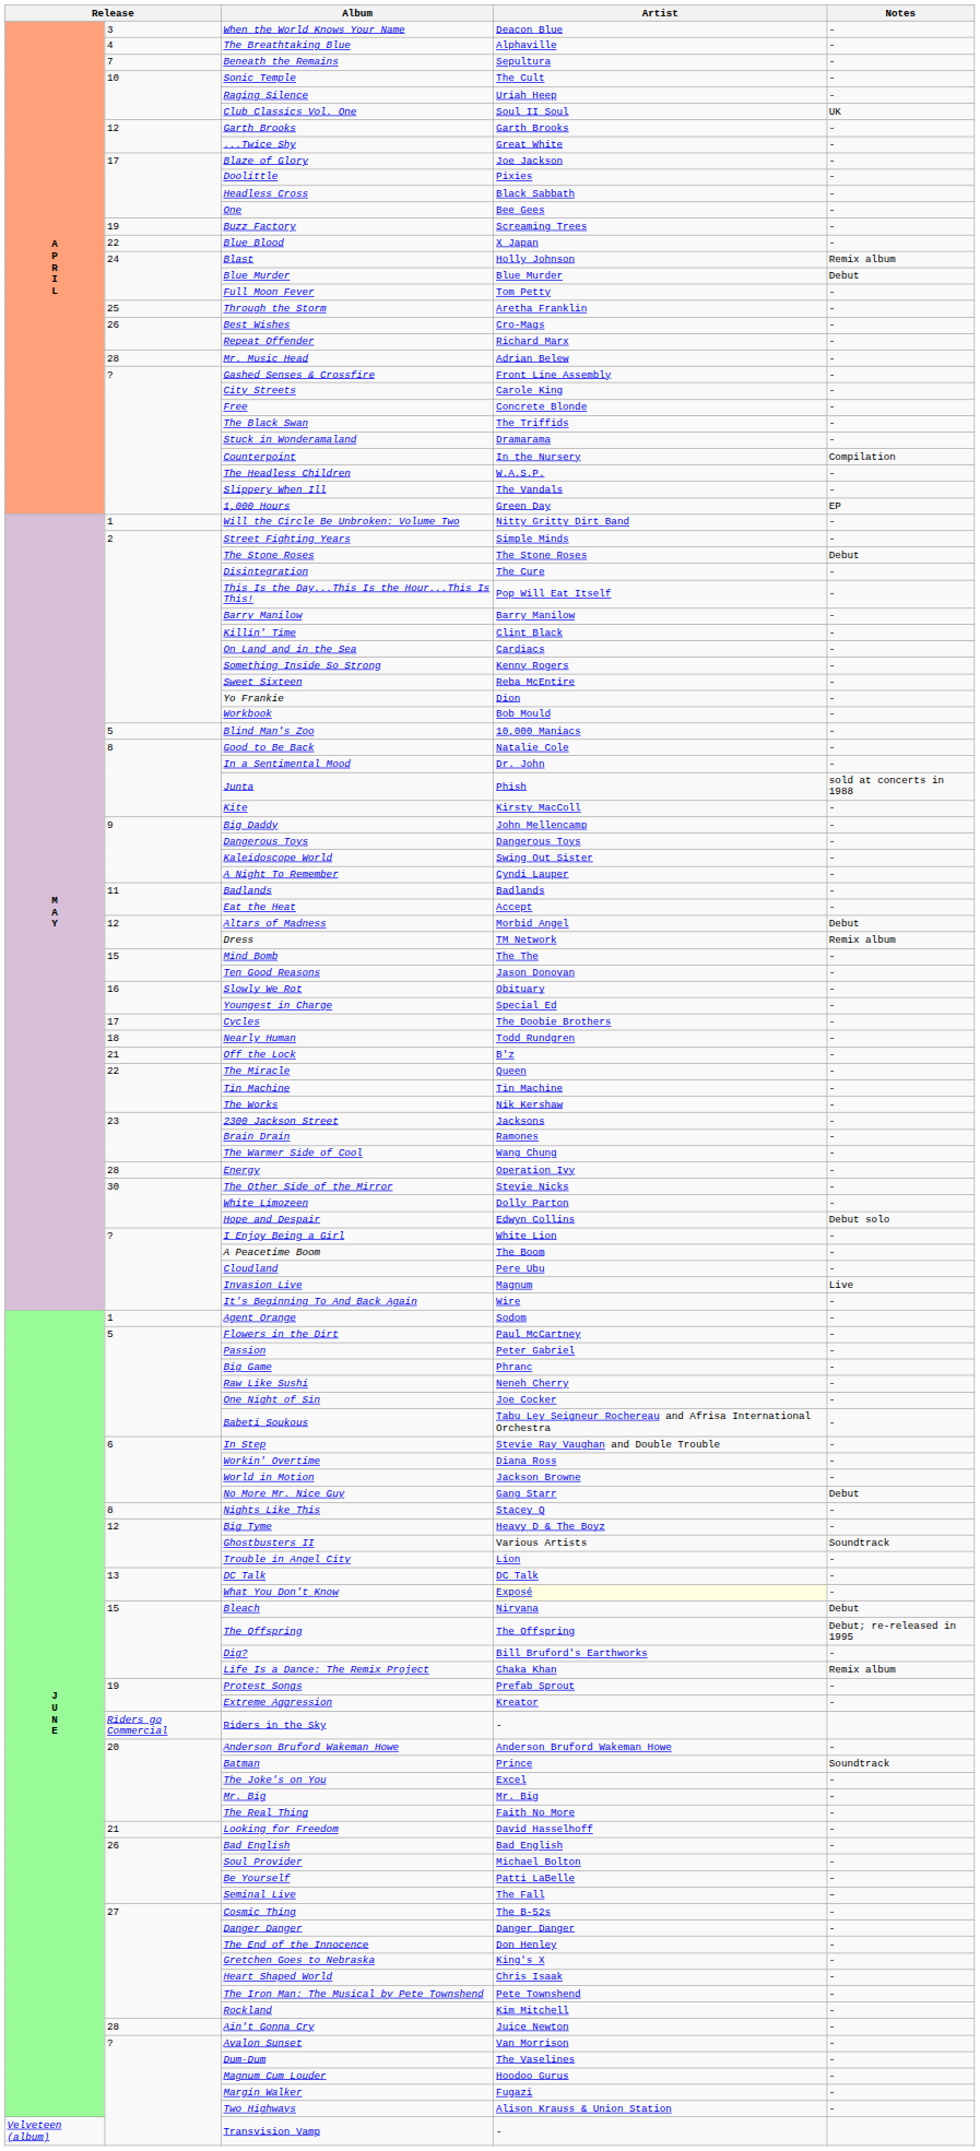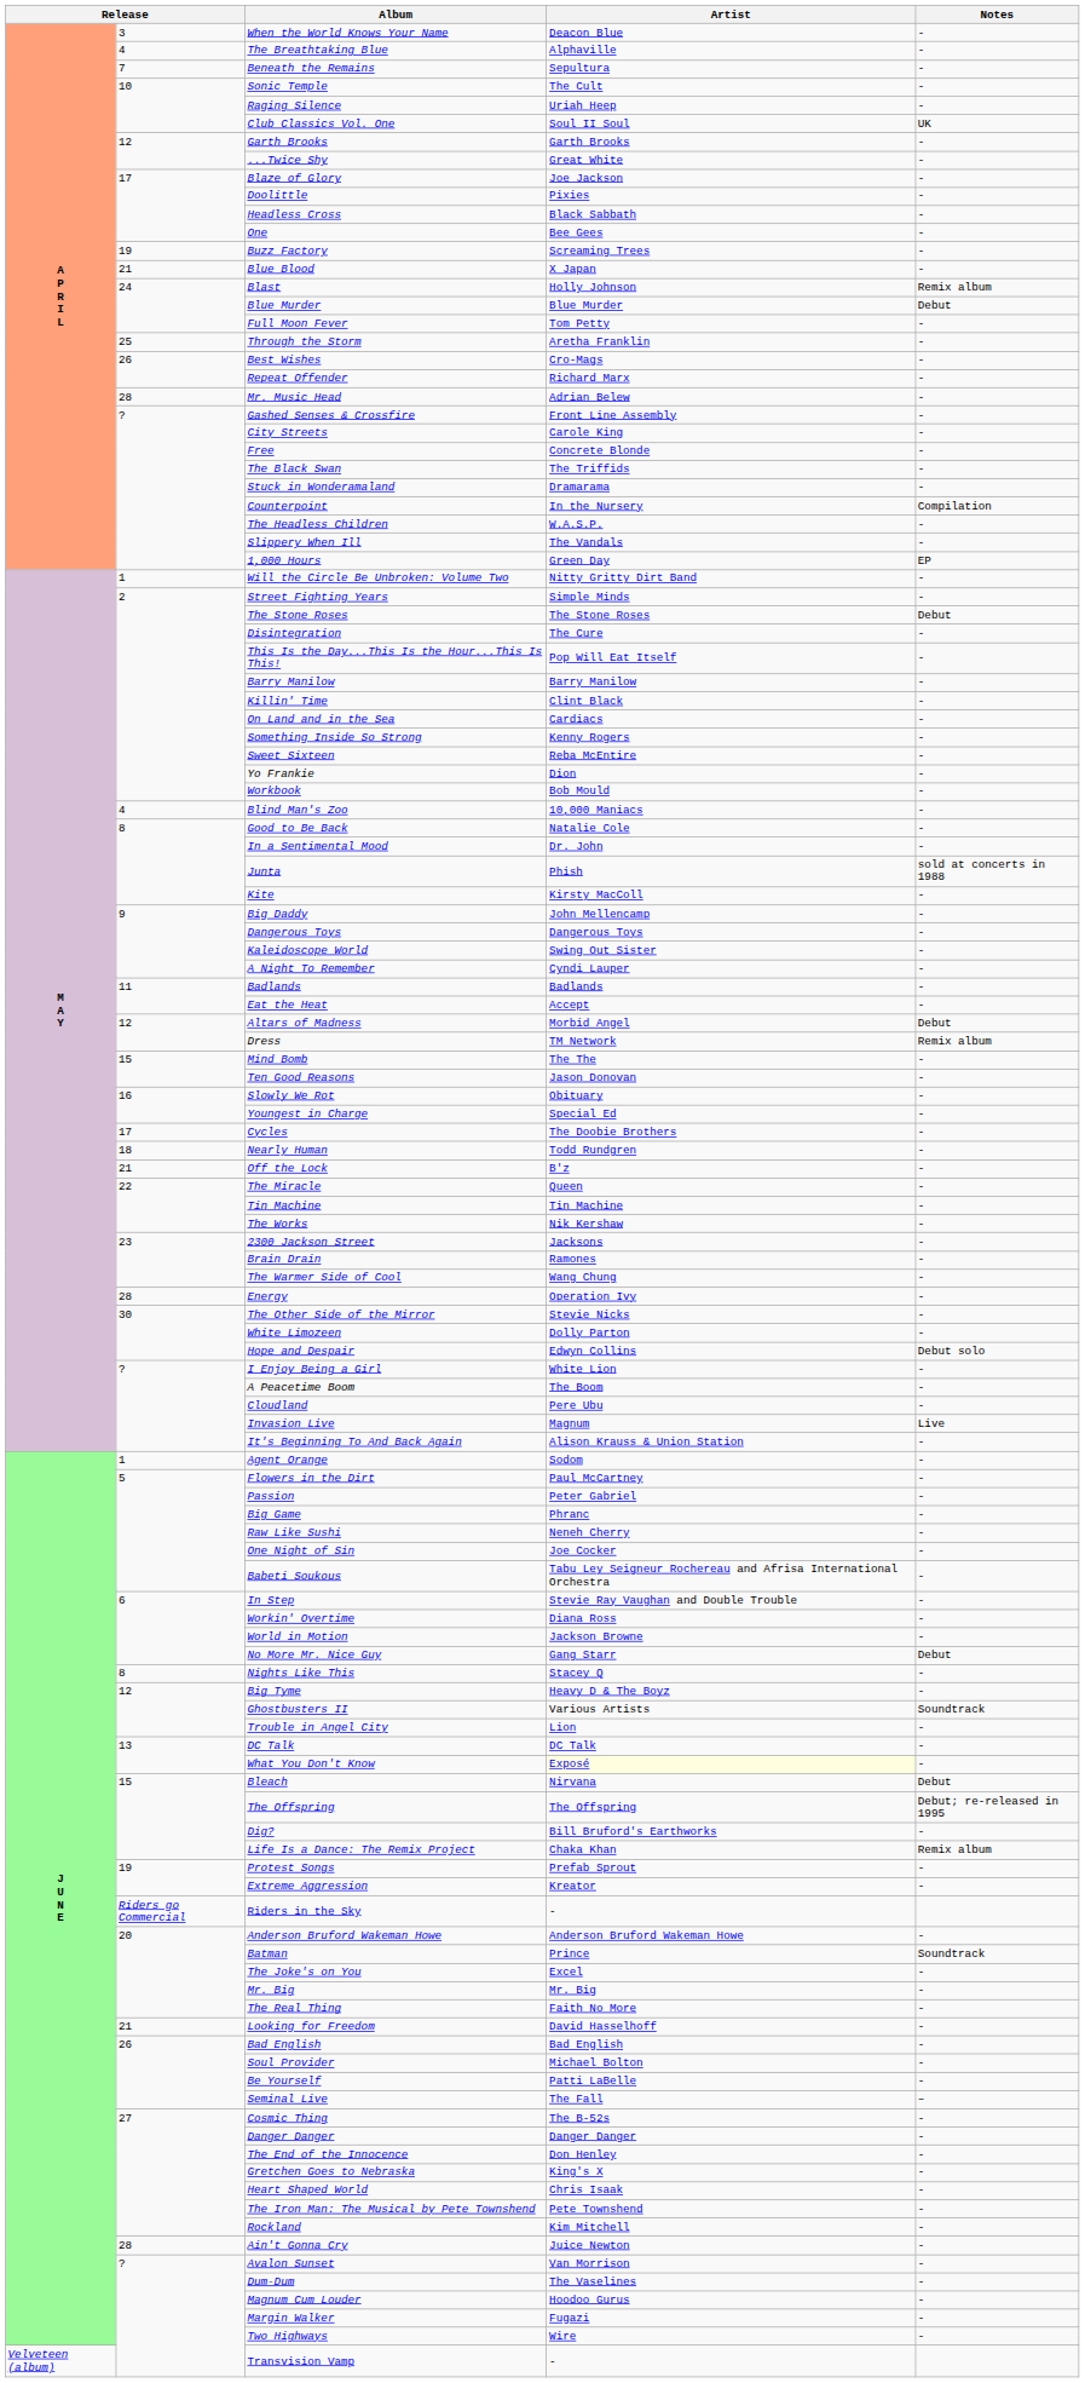 <table class="wikitable">
 <tr>
 <th colspan="2">Release</th>
 <th>Album</th>
 <th>Artist</th>
 <th>Notes</th>
 </tr>
 <tr>
 <td rowspan="30" valign="center" align="center" style="background:#FFA07A; textcolor:#000;"><strong>A<br>P<br>R<br>I<br>L</strong></td>
 <td valign="top">3</td>
 <td><em><a href='#'>When the World Knows Your Name</a></em></td>
 <td><a href='#'>Deacon Blue</a></td>
 <td>-</td>
 </tr>
 <tr>
 <td valign="top">4</td>
 <td><em><a href='#'>The Breathtaking Blue</a></em></td>
 <td><a href='#'>Alphaville</a></td>
 <td>-</td>
 </tr>
 <tr>
 <td valign="top">7</td>
 <td><em><a href='#'>Beneath the Remains</a></em></td>
 <td><a href='#'>Sepultura</a></td>
 <td>-</td>
 </tr>
 <tr>
 <td rowspan="3" valign="top">10</td>
 <td><em><a href='#'>Sonic Temple</a></em></td>
 <td><a href='#'>The Cult</a></td>
 <td>-</td>
 </tr>
 <tr>
 <td><em><a href='#'>Raging Silence</a></em></td>
 <td><a href='#'>Uriah Heep</a></td>
 <td>-</td>
 </tr>
 <tr>
 <td><em><a href='#'>Club Classics Vol. One</a></em></td>
 <td><a href='#'>Soul II Soul</a></td>
 <td>UK</td>
 </tr>
 <tr>
 <td rowspan="2" valign="top">12</td>
 <td><em><a href='#'>Garth Brooks</a></em></td>
 <td><a href='#'>Garth Brooks</a></td>
 <td>-</td>
 </tr>
 <tr>
 <td><em><a href='#'>...Twice Shy</a></em></td>
 <td><a href='#'>Great White</a></td>
 <td>-</td>
 </tr>
 <tr>
 <td rowspan="4" valign="top">17</td>
 <td><em><a href='#'>Blaze of Glory</a></em></td>
 <td><a href='#'>Joe Jackson</a></td>
 <td>-</td>
 </tr>
 <tr>
 <td><em><a href='#'>Doolittle</a></em></td>
 <td><a href='#'>Pixies</a></td>
 <td>-</td>
 </tr>
 <tr>
 <td><em><a href='#'>Headless Cross</a></em></td>
 <td><a href='#'>Black Sabbath</a></td>
 <td>-</td>
 </tr>
 <tr>
 <td><em><a href='#'>One</a></em></td>
 <td><a href='#'>Bee Gees</a></td>
 <td>-</td>
 </tr>
 <tr>
 <td rowspan="1" valign="top">19</td>
 <td><em><a href='#'>Buzz Factory</a></em></td>
 <td><a href='#'>Screaming Trees</a></td>
 <td>-</td>
 </tr>
 <tr>
-<td valign="top">22</td>
+<td valign="top">21</td>
 <td><em><a href='#'>Blue Blood</a></em></td>
 <td><a href='#'>X Japan</a></td>
 <td>-</td>
 </tr>
 <tr>
 <td rowspan="3" valign="top">24</td>
 <td><em><a href='#'>Blast</a></em></td>
 <td><a href='#'>Holly Johnson</a></td>
 <td>Remix album</td>
 </tr>
 <tr>
 <td><em><a href='#'>Blue Murder</a></em></td>
 <td><a href='#'>Blue Murder</a></td>
 <td>Debut</td>
 </tr>
 <tr>
 <td><em><a href='#'>Full Moon Fever</a></em></td>
 <td><a href='#'>Tom Petty</a></td>
 <td>-</td>
 </tr>
 <tr>
 <td valign="top">25</td>
 <td><em><a href='#'>Through the Storm</a></em></td>
 <td><a href='#'>Aretha Franklin</a></td>
 <td>-</td>
 </tr>
 <tr>
 <td rowspan="2" valign="top">26</td>
 <td><em><a href='#'>Best Wishes</a></em></td>
 <td><a href='#'>Cro-Mags</a></td>
 <td>-</td>
 </tr>
 <tr>
 <td><em><a href='#'>Repeat Offender</a></em></td>
 <td><a href='#'>Richard Marx</a></td>
 <td>-</td>
 </tr>
 <tr>
 <td valign="top">28</td>
 <td><em><a href='#'>Mr. Music Head</a></em></td>
 <td><a href='#'>Adrian Belew</a></td>
 <td>-</td>
 </tr>
 <tr>
 <td rowspan="9" valign="top">?</td>
 <td><em><a href='#'>Gashed Senses & Crossfire</a></em></td>
 <td><a href='#'>Front Line Assembly</a></td>
 <td>-</td>
 </tr>
 <tr>
 <td><em><a href='#'>City Streets</a></em></td>
 <td><a href='#'>Carole King</a></td>
 <td>-</td>
 </tr>
 <tr>
 <td><em><a href='#'>Free</a></em></td>
 <td><a href='#'>Concrete Blonde</a></td>
 <td>-</td>
 </tr>
 <tr>
 <td><em><a href='#'>The Black Swan</a></em></td>
 <td><a href='#'>The Triffids</a></td>
 <td>-</td>
 </tr>
 <tr>
 <td><em><a href='#'>Stuck in Wonderamaland</a></em></td>
 <td><a href='#'>Dramarama</a></td>
 <td>-</td>
 </tr>
 <tr>
 <td><em><a href='#'>Counterpoint</a></em></td>
 <td><a href='#'>In the Nursery</a></td>
 <td>Compilation</td>
 </tr>
 <tr>
 <td><em><a href='#'>The Headless Children</a></em></td>
 <td><a href='#'>W.A.S.P.</a></td>
 <td>-</td>
 </tr>
 <tr>
 <td><em><a href='#'>Slippery When Ill</a></em></td>
 <td><a href='#'>The Vandals</a></td>
 <td>-</td>
 </tr>
 <tr>
 <td><em><a href='#'>1,000 Hours</a></em></td>
 <td><a href='#'>Green Day</a></td>
 <td>EP</td>
 </tr>
 <tr>
 <td rowspan="47" valign="center" align="center" style="background:#D8BFD8; textcolor:#000;"><strong>M<br>A<br>Y</strong></td>
 <td rowspan="1" valign="top">1</td>
 <td><em><a href='#'>Will the Circle Be Unbroken: Volume Two</a></em></td>
 <td><a href='#'>Nitty Gritty Dirt Band</a></td>
 <td>-</td>
 </tr>
 <tr>
 <td rowspan="11" valign="top">2</td>
 <td><em><a href='#'>Street Fighting Years</a></em></td>
 <td><a href='#'>Simple Minds</a></td>
 <td>-</td>
 </tr>
 <tr>
 <td><em><a href='#'>The Stone Roses</a></em></td>
 <td><a href='#'>The Stone Roses</a></td>
 <td>Debut</td>
 </tr>
 <tr>
 <td><em><a href='#'>Disintegration</a></em></td>
 <td><a href='#'>The Cure</a></td>
 <td>-</td>
 </tr>
 <tr>
 <td><em><a href='#'>This Is the Day...This Is the Hour...This Is This!</a></em></td>
 <td><a href='#'>Pop Will Eat Itself</a></td>
 <td>-</td>
 </tr>
 <tr>
 <td><em><a href='#'>Barry Manilow</a></em></td>
 <td><a href='#'>Barry Manilow</a></td>
 <td>-</td>
 </tr>
 <tr>
 <td><em><a href='#'>Killin' Time</a></em></td>
 <td><a href='#'>Clint Black</a></td>
 <td>-</td>
 </tr>
 <tr>
 <td><em><a href='#'>On Land and in the Sea</a></em></td>
 <td><a href='#'>Cardiacs</a></td>
 <td>-</td>
 </tr>
 <tr>
 <td><em><a href='#'>Something Inside So Strong</a></em></td>
 <td><a href='#'>Kenny Rogers</a></td>
 <td>-</td>
 </tr>
 <tr>
 <td><em><a href='#'>Sweet Sixteen</a></em></td>
 <td><a href='#'>Reba McEntire</a></td>
 <td>-</td>
 </tr>
 <tr>
 <td><em>Yo Frankie</em></td>
 <td><a href='#'>Dion</a></td>
 <td>-</td>
 </tr>
 <tr>
 <td><em><a href='#'>Workbook</a></em></td>
 <td><a href='#'>Bob Mould</a></td>
 <td>-</td>
 </tr>
 <tr>
-<td rowspan="1" valign="top">5</td>
+<td rowspan="1" valign="top">4</td>
 <td><em><a href='#'>Blind Man's Zoo</a></em></td>
 <td><a href='#'>10,000 Maniacs</a></td>
 <td>-</td>
 </tr>
 <tr>
 <td rowspan="4" valign="top">8</td>
 <td><em><a href='#'>Good to Be Back</a></em></td>
 <td><a href='#'>Natalie Cole</a></td>
 <td>-</td>
 </tr>
 <tr>
 <td><em><a href='#'>In a Sentimental Mood</a></em></td>
 <td><a href='#'>Dr. John</a></td>
 <td>-</td>
 </tr>
 <tr>
 <td><em><a href='#'>Junta</a></em></td>
 <td><a href='#'>Phish</a></td>
 <td>sold at concerts in 1988</td>
 </tr>
 <tr>
 <td><em><a href='#'>Kite</a></em></td>
 <td><a href='#'>Kirsty MacColl</a></td>
 <td>-</td>
 </tr>
 <tr>
 <td rowspan="4" valign="top">9</td>
 <td><em><a href='#'>Big Daddy</a></em></td>
 <td><a href='#'>John Mellencamp</a></td>
 <td>-</td>
 </tr>
 <tr>
 <td><em><a href='#'>Dangerous Toys</a></em></td>
 <td><a href='#'>Dangerous Toys</a></td>
 <td>-</td>
 </tr>
 <tr>
 <td><em><a href='#'>Kaleidoscope World</a></em></td>
 <td><a href='#'>Swing Out Sister</a></td>
 <td>-</td>
 </tr>
 <tr>
 <td><em><a href='#'>A Night To Remember</a></em></td>
 <td><a href='#'>Cyndi Lauper</a></td>
 <td>-</td>
 </tr>
 <tr>
 <td rowspan="2" valign="top">11</td>
 <td><em><a href='#'>Badlands</a></em></td>
 <td><a href='#'>Badlands</a></td>
 <td>-</td>
 </tr>
 <tr>
 <td><em><a href='#'>Eat the Heat</a></em></td>
 <td><a href='#'>Accept</a></td>
 <td>-</td>
 </tr>
 <tr>
 <td rowspan="2" valign="top">12</td>
 <td><em><a href='#'>Altars of Madness</a></em></td>
 <td><a href='#'>Morbid Angel</a></td>
 <td>Debut</td>
 </tr>
 <tr>
 <td><em>Dress</em></td>
 <td><a href='#'>TM Network</a></td>
 <td>Remix album</td>
 </tr>
 <tr>
 <td rowspan="2" valign="top">15</td>
 <td><em><a href='#'>Mind Bomb</a></em></td>
 <td><a href='#'>The The</a></td>
 <td>-</td>
 </tr>
 <tr>
 <td><em><a href='#'>Ten Good Reasons</a></em></td>
 <td><a href='#'>Jason Donovan</a></td>
 <td>-</td>
 </tr>
 <tr>
 <td rowspan="2" valign="top">16</td>
 <td><em><a href='#'>Slowly We Rot</a></em></td>
 <td><a href='#'>Obituary</a></td>
 <td>-</td>
 </tr>
 <tr>
 <td><em><a href='#'>Youngest in Charge</a></em></td>
 <td><a href='#'>Special Ed</a></td>
 <td>-</td>
 </tr>
 <tr>
 <td valign="top">17</td>
 <td><em><a href='#'>Cycles</a></em></td>
 <td><a href='#'>The Doobie Brothers</a></td>
 <td>-</td>
 </tr>
 <tr>
 <td valign="top">18</td>
 <td><em><a href='#'>Nearly Human</a></em></td>
 <td><a href='#'>Todd Rundgren</a></td>
 <td>-</td>
 </tr>
 <tr>
 <td valign="top">21</td>
 <td><em><a href='#'>Off the Lock</a></em></td>
 <td><a href='#'>B'z</a></td>
 <td>-</td>
 </tr>
 <tr>
 <td rowspan="3" valign="top">22</td>
 <td><em><a href='#'>The Miracle</a></em></td>
 <td><a href='#'>Queen</a></td>
 <td>-</td>
 </tr>
 <tr>
 <td><em><a href='#'>Tin Machine</a></em></td>
 <td><a href='#'>Tin Machine</a></td>
 <td>-</td>
 </tr>
 <tr>
 <td><em><a href='#'>The Works</a></em></td>
 <td><a href='#'>Nik Kershaw</a></td>
 <td>-</td>
 </tr>
 <tr>
 <td rowspan="3" valign="top">23</td>
 <td><em><a href='#'>2300 Jackson Street</a></em></td>
 <td><a href='#'>Jacksons</a></td>
 <td>-</td>
 </tr>
 <tr>
 <td><em><a href='#'>Brain Drain</a></em></td>
 <td><a href='#'>Ramones</a></td>
 <td>-</td>
 </tr>
 <tr>
 <td><em><a href='#'>The Warmer Side of Cool</a></em></td>
 <td><a href='#'>Wang Chung</a></td>
 <td>-</td>
 </tr>
 <tr>
 <td valign="top">28</td>
 <td><em><a href='#'>Energy</a></em></td>
 <td><a href='#'>Operation Ivy</a></td>
 <td>-</td>
 </tr>
 <tr>
 <td rowspan="3" valign="top">30</td>
 <td><em><a href='#'>The Other Side of the Mirror</a></em></td>
 <td><a href='#'>Stevie Nicks</a></td>
 <td>-</td>
 </tr>
 <tr>
 <td><em><a href='#'>White Limozeen</a></em></td>
 <td><a href='#'>Dolly Parton</a></td>
 <td>-</td>
 </tr>
 <tr>
 <td><em><a href='#'>Hope and Despair</a></em></td>
 <td><a href='#'>Edwyn Collins</a></td>
 <td>Debut solo</td>
 </tr>
 <tr>
 <td rowspan="5" valign="top">?</td>
 <td><em><a href='#'>I Enjoy Being a Girl</a></em></td>
 <td><a href='#'>White Lion</a></td>
 <td>-</td>
 </tr>
 <tr>
 <td><em>A Peacetime Boom</em></td>
 <td><a href='#'>The Boom</a></td>
 <td>-</td>
 </tr>
 <tr>
 <td><em><a href='#'>Cloudland</a></em></td>
 <td><a href='#'>Pere Ubu</a></td>
 <td>-</td>
 </tr>
 <tr>
 <td><em><a href='#'>Invasion Live</a></em></td>
 <td><a href='#'>Magnum</a></td>
 <td>Live</td>
 </tr>
 <tr>
 <td><em><a href='#'>It's Beginning To And Back Again</a></em></td>
-<td><a href='#'>Wire</a></td>
+<td><a href='#'>Alison Krauss & Union Station</a></td>
 <td>-</td>
 </tr>
 <tr>
 <td rowspan="47" valign="center" align="center" style="background:#98FB98; textcolor:#000;"><strong>J<br>U<br>N<br>E</strong></td>
 <td valign="top">1</td>
 <td><em><a href='#'>Agent Orange</a></em></td>
 <td><a href='#'>Sodom</a></td>
 <td>-</td>
 </tr>
 <tr>
 <td rowspan="6" valign="top">5</td>
 <td><em><a href='#'>Flowers in the Dirt</a></em></td>
 <td><a href='#'>Paul McCartney</a></td>
 <td>-</td>
 </tr>
 <tr>
 <td><em><a href='#'>Passion</a></em></td>
 <td><a href='#'>Peter Gabriel</a></td>
 <td>-</td>
 </tr>
 <tr>
 <td><em><a href='#'>Big Game</a></em></td>
 <td><a href='#'>Phranc</a></td>
 <td>-</td>
 </tr>
 <tr>
 <td><em><a href='#'>Raw Like Sushi</a></em></td>
 <td><a href='#'>Neneh Cherry</a></td>
 <td>-</td>
 </tr>
 <tr>
 <td><em><a href='#'>One Night of Sin</a></em></td>
 <td><a href='#'>Joe Cocker</a></td>
 <td>-</td>
 </tr>
 <tr>
 <td><em><a href='#'>Babeti Soukous</a></em></td>
 <td><a href='#'>Tabu Ley Seigneur Rochereau</a> and Afrisa International Orchestra</td>
 <td>-</td>
 </tr>
 <tr>
 <td rowspan="4" valign="top">6</td>
 <td><em><a href='#'>In Step</a></em></td>
 <td><a href='#'>Stevie Ray Vaughan</a> and Double Trouble</td>
 <td>-</td>
 </tr>
 <tr>
 <td><em><a href='#'>Workin' Overtime</a></em></td>
 <td><a href='#'>Diana Ross</a></td>
 <td>-</td>
 </tr>
 <tr>
 <td><em><a href='#'>World in Motion</a></em></td>
 <td><a href='#'>Jackson Browne</a></td>
 <td>-</td>
 </tr>
 <tr>
 <td><em><a href='#'>No More Mr. Nice Guy</a></em></td>
 <td><a href='#'>Gang Starr</a></td>
 <td>Debut</td>
 </tr>
 <tr>
 <td valign="top">8</td>
 <td><em><a href='#'>Nights Like This</a></em></td>
 <td><a href='#'>Stacey Q</a></td>
 <td>-</td>
 </tr>
 <tr>
 <td rowspan="3" valign="top">12</td>
 <td><em><a href='#'>Big Tyme</a></em></td>
 <td><a href='#'>Heavy D & The Boyz</a></td>
 <td>-</td>
 </tr>
 <tr>
 <td><em><a href='#'>Ghostbusters II</a></em></td>
 <td>Various Artists</td>
 <td>Soundtrack</td>
 </tr>
 <tr>
 <td><em><a href='#'>Trouble in Angel City</a></em></td>
 <td><a href='#'>Lion</a></td>
 <td>-</td>
 </tr>
 <tr>
 <td rowspan="2" valign="top">13</td>
 <td><em><a href='#'>DC Talk</a></em></td>
 <td><a href='#'>DC Talk</a></td>
 <td>-</td>
 </tr>
 <tr>
 <td><em><a href='#'>What You Don't Know</a></em></td>
 <td style="background: lightyellow;"><a href='#'>Exposé</a></td>
 <td>-</td>
 </tr>
 <tr>
 <td rowspan="4" valign="top">15</td>
 <td><em><a href='#'>Bleach</a></em></td>
 <td><a href='#'>Nirvana</a></td>
 <td>Debut</td>
 </tr>
 <tr>
 <td><em><a href='#'>The Offspring</a></em></td>
 <td><a href='#'>The Offspring</a></td>
 <td>Debut; re-released in 1995</td>
 </tr>
 <tr>
 <td><em><a href='#'>Dig?</a></em></td>
 <td><a href='#'>Bill Bruford's Earthworks</a></td>
 <td>-</td>
 </tr>
 <tr>
 <td><em><a href='#'>Life Is a Dance: The Remix Project</a></em></td>
 <td><a href='#'>Chaka Khan</a></td>
 <td>Remix album</td>
 </tr>
 <tr>
 <td rowspan="2" valign="top">19</td>
 <td><em><a href='#'>Protest Songs</a></em></td>
 <td><a href='#'>Prefab Sprout</a></td>
 <td>-</td>
 </tr>
 <tr>
 <td><em><a href='#'>Extreme Aggression</a></em></td>
 <td><a href='#'>Kreator</a></td>
 <td>-</td>
 </tr>
 <tr>
 <td><em><a href='#'>Riders go Commercial</a></em></td>
 <td><a href='#'>Riders in the Sky</a></td>
 <td>-</td>
 </tr>
 <tr>
 <td rowspan="5" valign="top">20</td>
 <td><em><a href='#'>Anderson Bruford Wakeman Howe</a></em></td>
 <td><a href='#'>Anderson Bruford Wakeman Howe</a></td>
 <td>-</td>
 </tr>
 <tr>
 <td><em><a href='#'>Batman</a></em></td>
 <td><a href='#'>Prince</a></td>
 <td>Soundtrack</td>
 </tr>
 <tr>
 <td><em><a href='#'>The Joke's on You</a></em></td>
 <td><a href='#'>Excel</a></td>
 <td>-</td>
 </tr>
 <tr>
 <td><em><a href='#'>Mr. Big</a></em></td>
 <td><a href='#'>Mr. Big</a></td>
 <td>-</td>
 </tr>
 <tr>
 <td><em><a href='#'>The Real Thing</a></em></td>
 <td><a href='#'>Faith No More</a></td>
 <td>-</td>
 </tr>
 <tr>
 <td valign="top">21</td>
 <td><em><a href='#'>Looking for Freedom</a></em></td>
 <td><a href='#'>David Hasselhoff</a></td>
 <td>-</td>
 </tr>
 <tr>
 <td rowspan="4" valign="top">26</td>
 <td><em><a href='#'>Bad English</a></em></td>
 <td><a href='#'>Bad English</a></td>
 <td>-</td>
 </tr>
 <tr>
 <td><em><a href='#'>Soul Provider</a></em></td>
 <td><a href='#'>Michael Bolton</a></td>
 <td>-</td>
 </tr>
 <tr>
 <td><em><a href='#'>Be Yourself</a></em></td>
 <td><a href='#'>Patti LaBelle</a></td>
 <td>-</td>
 </tr>
 <tr>
 <td><em><a href='#'>Seminal Live</a></em></td>
 <td><a href='#'>The Fall</a></td>
 <td>–</td>
 </tr>
 <tr>
 <td rowspan="7" valign="top">27</td>
 <td><em><a href='#'>Cosmic Thing</a></em></td>
 <td><a href='#'>The B-52s</a></td>
 <td>-</td>
 </tr>
 <tr>
 <td><em><a href='#'>Danger Danger</a></em></td>
 <td><a href='#'>Danger Danger</a></td>
 <td>-</td>
 </tr>
 <tr>
 <td><em><a href='#'>The End of the Innocence</a></em></td>
 <td><a href='#'>Don Henley</a></td>
 <td>-</td>
 </tr>
 <tr>
 <td><em><a href='#'>Gretchen Goes to Nebraska</a></em></td>
 <td><a href='#'>King's X</a></td>
 <td>-</td>
 </tr>
 <tr>
 <td><em><a href='#'>Heart Shaped World</a></em></td>
 <td><a href='#'>Chris Isaak</a></td>
 <td>-</td>
 </tr>
 <tr>
 <td><em><a href='#'>The Iron Man: The Musical by Pete Townshend</a></em></td>
 <td><a href='#'>Pete Townshend</a></td>
 <td>-</td>
 </tr>
 <tr>
 <td><em><a href='#'>Rockland</a></em></td>
 <td><a href='#'>Kim Mitchell</a></td>
 <td>-</td>
 </tr>
 <tr>
 <td valign="top">28</td>
 <td><em><a href='#'>Ain't Gonna Cry</a></em></td>
 <td><a href='#'>Juice Newton</a></td>
 <td>-</td>
 </tr>
 <tr>
 <td rowspan="6" valign="top">?</td>
 <td><em><a href='#'>Avalon Sunset</a></em></td>
 <td><a href='#'>Van Morrison</a></td>
 <td>-</td>
 </tr>
 <tr>
 <td><em><a href='#'>Dum-Dum</a></em></td>
 <td><a href='#'>The Vaselines</a></td>
 <td>-</td>
 </tr>
 <tr>
 <td><em><a href='#'>Magnum Cum Louder</a></em></td>
 <td><a href='#'>Hoodoo Gurus</a></td>
 <td>-</td>
 </tr>
 <tr>
 <td><em><a href='#'>Margin Walker</a></em></td>
 <td><a href='#'>Fugazi</a></td>
 <td>-</td>
 </tr>
 <tr>
 <td><em><a href='#'>Two Highways</a></em></td>
-<td><a href='#'>Alison Krauss & Union Station</a></td>
+<td><a href='#'>Wire</a></td>
 <td>-</td>
 </tr>
 <tr>
 <td><em><a href='#'>Velveteen (album)</a></em></td>
 <td><a href='#'>Transvision Vamp</a></td>
 <td>-</td>
 </tr>
 </table>
